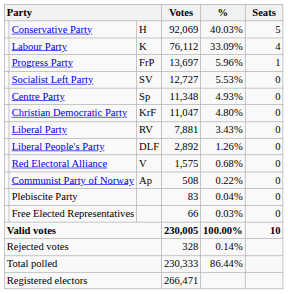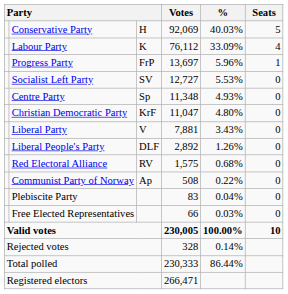 <table class="wikitable" border="1" style="text-align:right;">
 <tr>
 <th style="text-align:left;" colspan=3>Party</th>
 <th align=center width="50">Votes</th>
 <th align=center width="50">%</th>
 <th align=center width="50">Seats</th>
 </tr>
 <tr>
 <td style="color:inherit;background:"></td>
 <td align=left><a href='#'>Conservative Party</a></td>
 <td align=left>H</td>
 <td>92,069</td>
 <td>40.03%</td>
 <td>5</td>
 </tr>
 <tr>
 <td style="color:inherit;background:"></td>
 <td align=left><a href='#'>Labour Party</a></td>
 <td align=left>K</td>
 <td>76,112</td>
 <td>33.09%</td>
 <td>4</td>
 </tr>
 <tr>
 <td style="color:inherit;background:"></td>
 <td align=left><a href='#'>Progress Party</a></td>
 <td align=left>FrP</td>
 <td>13,697</td>
 <td>5.96%</td>
 <td>1</td>
 </tr>
 <tr>
 <td style="color:inherit;background:"></td>
 <td align=left><a href='#'>Socialist Left Party</a></td>
 <td align=left>SV</td>
 <td>12,727</td>
 <td>5.53%</td>
 <td>0</td>
 </tr>
 <tr>
 <td style="color:inherit;background:"></td>
 <td align=left><a href='#'>Centre Party</a></td>
 <td align=left>Sp</td>
 <td>11,348</td>
 <td>4.93%</td>
 <td>0</td>
 </tr>
 <tr>
 <td style="color:inherit;background:"></td>
 <td align=left><a href='#'>Christian Democratic Party</a></td>
 <td align=left>KrF</td>
 <td>11,047</td>
 <td>4.80%</td>
 <td>0</td>
 </tr>
 <tr>
 <td style="color:inherit;background:"></td>
 <td align=left><a href='#'>Liberal Party</a></td>
-<td align=left>RV</td>
+<td align=left>V</td>
 <td>7,881</td>
 <td>3.43%</td>
 <td>0</td>
 </tr>
 <tr>
 <td style="color:inherit;background:"></td>
 <td align=left><a href='#'>Liberal People's Party</a></td>
 <td align=left>DLF</td>
 <td>2,892</td>
 <td>1.26%</td>
 <td>0</td>
 </tr>
 <tr>
 <td style="color:inherit;background:"></td>
 <td align=left><a href='#'>Red Electoral Alliance</a></td>
-<td align=left>V</td>
+<td align=left>RV</td>
 <td>1,575</td>
 <td>0.68%</td>
 <td>0</td>
 </tr>
 <tr>
 <td style="color:inherit;background:"></td>
 <td align=left><a href='#'>Communist Party of Norway</a></td>
 <td align=left>Ap</td>
 <td>508</td>
 <td>0.22%</td>
 <td>0</td>
 </tr>
 <tr>
 <td></td>
 <td align=left>Plebiscite Party</td>
 <td align=left></td>
 <td>83</td>
 <td>0.04%</td>
 <td>0</td>
 </tr>
 <tr>
 <td></td>
 <td align=left>Free Elected Representatives</td>
 <td align=left></td>
 <td>66</td>
 <td>0.03%</td>
 <td>0</td>
 </tr>
 <tr style="font-weight:bold">
 <td align=left colspan=3>Valid votes</td>
 <td>230,005</td>
 <td>100.00%</td>
 <td>10</td>
 </tr>
 <tr>
 <td align=left colspan=3>Rejected votes</td>
 <td>328</td>
 <td>0.14%</td>
 <td></td>
 </tr>
 <tr>
 <td align=left colspan=3>Total polled</td>
 <td>230,333</td>
 <td>86.44%</td>
 <td></td>
 </tr>
 <tr>
 <td align=left colspan=3>Registered electors</td>
 <td>266,471</td>
 <td></td>
 <td></td>
 </tr>
 </table>
